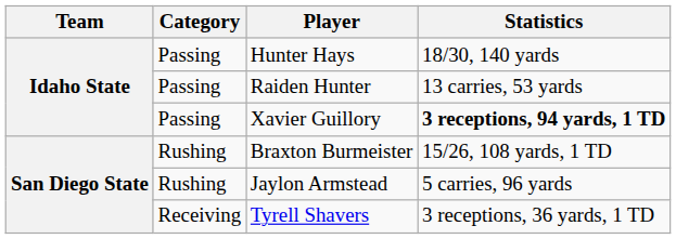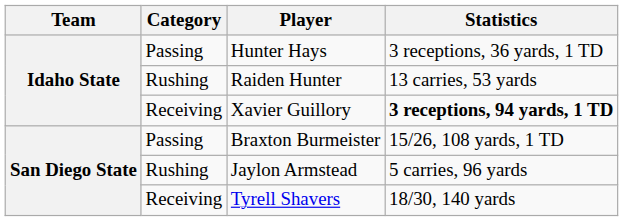 <table class="wikitable" style="float:right">
 <tr>
 <th>Team</th>
 <th>Category</th>
 <th>Player</th>
 <th>Statistics</th>
 </tr>
 <tr>
 <th rowspan=3>Idaho State</th>
 <td>Passing</td>
 <td>Hunter Hays</td>
-<td>18/30, 140 yards</td>
+<td>3 receptions, 36 yards, 1 TD</td>
 </tr>
 <tr>
-<td>Passing</td>
+<td>Rushing</td>
 <td>Raiden Hunter</td>
 <td>13 carries, 53 yards</td>
 </tr>
 <tr>
-<td>Passing</td>
+<td>Receiving</td>
 <td>Xavier Guillory</td>
 <td><strong>3 receptions, 94 yards, 1 TD</strong></td>
 </tr>
 <tr>
 <th rowspan=3>San Diego State</th>
-<td>Rushing</td>
+<td>Passing</td>
 <td>Braxton Burmeister</td>
 <td>15/26, 108 yards, 1 TD</td>
 </tr>
 <tr>
 <td>Rushing</td>
 <td>Jaylon Armstead</td>
 <td>5 carries, 96 yards</td>
 </tr>
 <tr>
 <td>Receiving</td>
 <td><a href='#'>Tyrell Shavers</a></td>
-<td>3 receptions, 36 yards, 1 TD</td>
+<td>18/30, 140 yards</td>
 </tr>
 </table>
